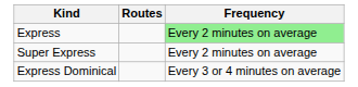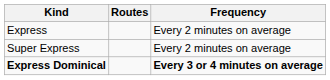 <table class="wikitable" style="margin: 1em auto;">
 <tr>
 <th>Kind</th>
 <th>Routes</th>
 <th>Frequency</th>
 </tr>
 <tr>
 <td>Express</td>
 <td> </td>
-<td style="background: lightgreen;">Every 2 minutes on average</td>
+<td>Every 2 minutes on average</td>
 </tr>
 <tr>
 <td>Super Express</td>
 <td></td>
 <td>Every 2 minutes on average</td>
 </tr>
 <tr>
-<td>Express Dominical</td>
+<td><strong>Express Dominical</strong></td>
 <td></td>
-<td>Every 3 or 4 minutes on average</td>
+<td><strong>Every 3 or 4 minutes on average</strong></td>
 </tr>
 </table>
